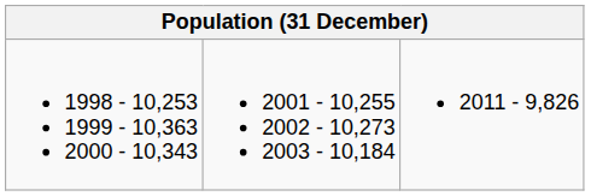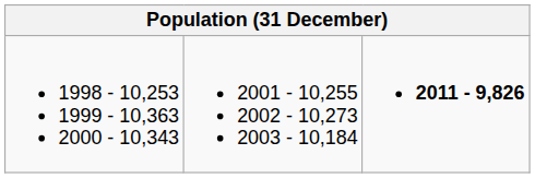 <table class=wikitable>
 <tr>
 <th colspan=3>Population (31 December)</th>
 </tr>
 <tr>
 <td valign="top"><br><ul><li>1998 - 10,253</li><li>1999 - 10,363</li><li>2000 - 10,343</li></ul></td>
 <td valign="top"><br><ul><li>2001 - 10,255</li><li>2002 - 10,273</li><li>2003 - 10,184</li></ul></td>
-<td valign="top"><br><ul><li>2011 - 9,826</li></ul></td>
+<td valign="top"><strong><br><ul><li>2011 - 9,826</li></ul></strong></td>
 </tr>
 </table>
